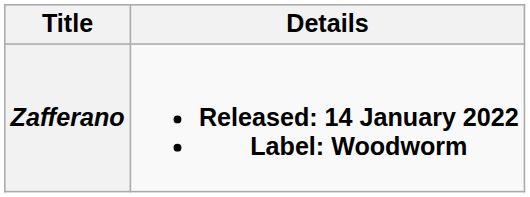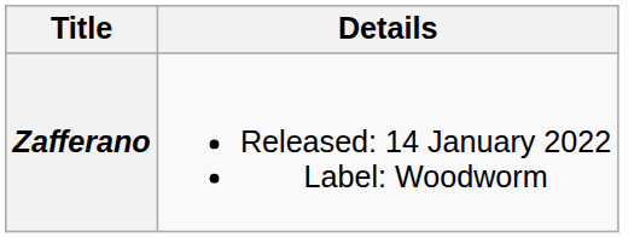 <table class="wikitable plainrowheaders" style="text-align:center;">
 <tr>
 <th scope="col">Title</th>
 <th scope="col">Details</th>
 </tr>
 <tr>
 <th scope="row"><em>Zafferano</em></th>
-<td><strong><br><ul><li>Released: 14 January 2022</li><li>Label: Woodworm</li></ul></strong></td>
+<td><br><ul><li>Released: 14 January 2022</li><li>Label: Woodworm</li></ul></td>
 </tr>
 </table>
